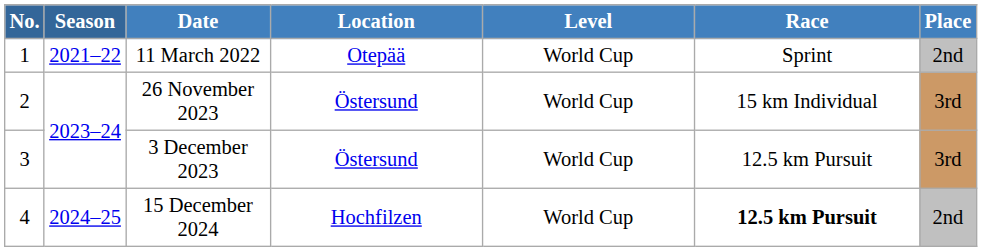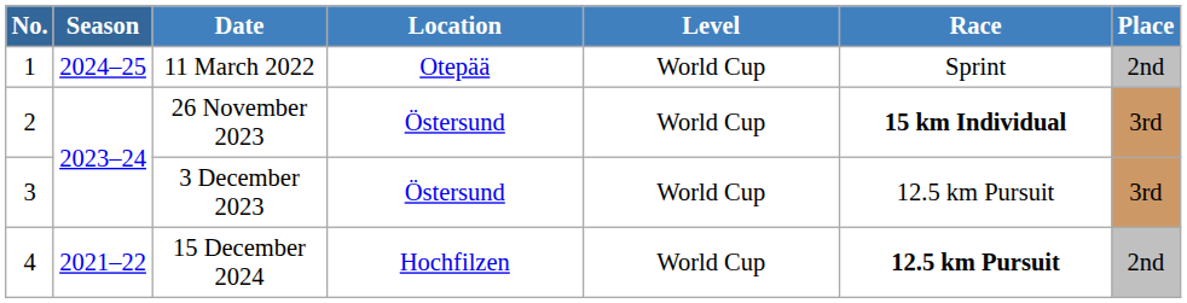 <table class="wikitable sortable" style="font-size:95%; text-align:center; border:grey solid 1px; border-collapse:collapse; background:#ffffff;">
 <tr style="background:#efefef;">
 <th style="background-color:#369; color:white;">No.</th>
 <th style="background-color:#369; color:white;">Season</th>
 <th style="background-color:#4180be; color:white; width:100px;">Date</th>
 <th style="background-color:#4180be; color:white; width:150px;">Location</th>
 <th style="background-color:#4180be; color:white; width:150px;">Level</th>
 <th style="background-color:#4180be; color:white; width:160px;">Race</th>
 <th style="background-color:#4180be; color:white;">Place</th>
 </tr>
 <tr>
 <td align=center>1</td>
-<td rowspan="1" align="center"><a href='#'>2021–22</a></td>
+<td><a href='#'>2024–25</a></td>
 <td>11 March 2022</td>
 <td> <a href='#'>Otepää</a></td>
 <td>World Cup</td>
 <td>Sprint</td>
 <td align=center bgcolor="silver">2nd</td>
 </tr>
 <tr>
 <td align=center>2</td>
 <td rowspan="2" align="center"><a href='#'>2023–24</a></td>
 <td>26 November 2023</td>
 <td> <a href='#'>Östersund</a></td>
 <td>World Cup</td>
-<td>15 km Individual</td>
+<td><strong>15 km Individual</strong></td>
 <td align=center bgcolor="#cc9966">3rd</td>
 </tr>
 <tr>
 <td align=center>3</td>
 <td>3 December 2023</td>
 <td> <a href='#'>Östersund</a></td>
 <td>World Cup</td>
 <td>12.5 km Pursuit</td>
 <td align=center bgcolor="#cc9966">3rd</td>
 </tr>
 <tr>
 <td align=center>4</td>
-<td><a href='#'>2024–25</a></td>
+<td rowspan="1" align="center"><a href='#'>2021–22</a></td>
 <td>15 December 2024</td>
 <td> <a href='#'>Hochfilzen</a></td>
 <td>World Cup</td>
 <td><strong>12.5 km Pursuit</strong></td>
 <td align=center bgcolor="silver">2nd</td>
 </tr>
 </table>
